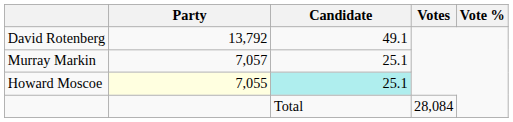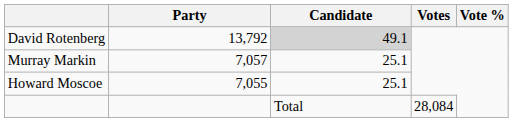 <table class="wikitable">
 <tr>
 <th></th>
 <th scope="col" width="175">Party</th>
 <th scope="col" width="150">Candidate</th>
 <th>Votes</th>
 <th>Vote %</th>
 </tr>
 <tr>
 <td>David Rotenberg</td>
 <td align=right>13,792</td>
-<td align=right>49.1</td>
+<td align=right style="background: lightgrey;">49.1</td>
 </tr>
 <tr>
 <td>Murray Markin</td>
 <td align=right>7,057</td>
 <td align=right>25.1</td>
 </tr>
 <tr>
 <td>Howard Moscoe</td>
-<td align=right style="background: lightyellow;">7,055</td>
-<td align=right style="background: paleturquoise;">25.1<br></td>
+<td align=right>7,055</td>
+<td align=right>25.1<br></td>
 </tr>
 <tr |>
 <td></td>
 <td></td>
 <td>Total</td>
 <td align=right>28,084</td>
 </tr>
 </table>
